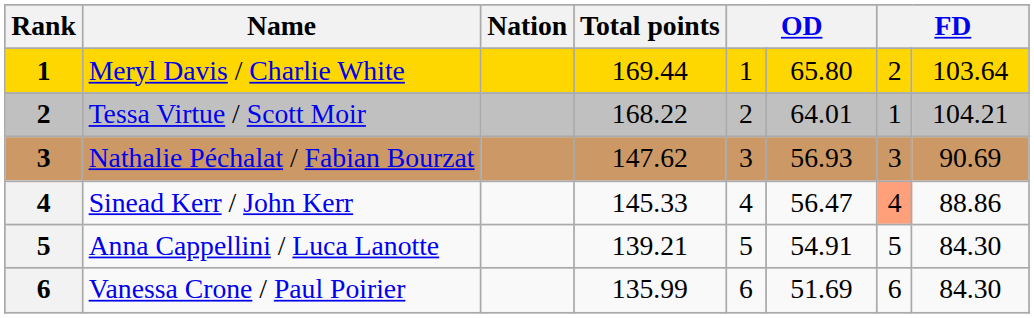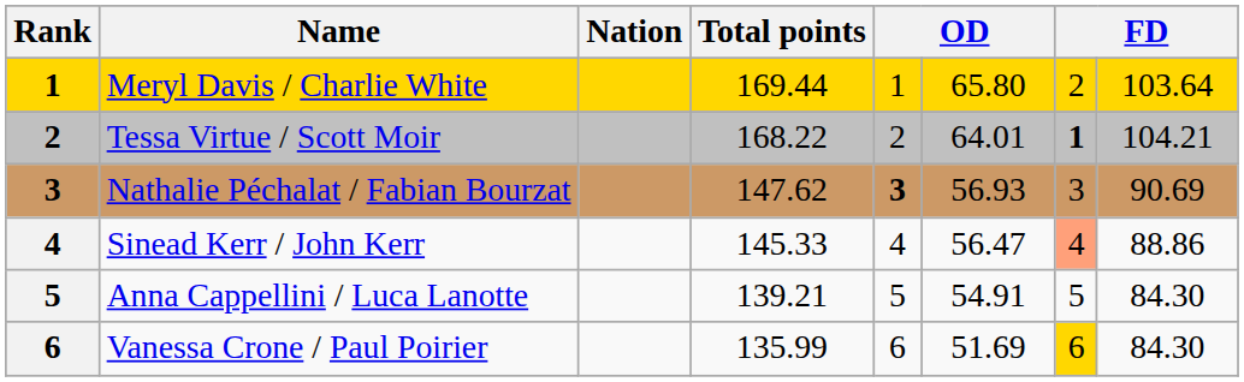 <table class="wikitable sortable">
 <tr>
 <th>Rank</th>
 <th>Name</th>
 <th>Nation</th>
 <th>Total points</th>
 <th colspan="2" width="80px"><a href='#'>OD</a></th>
 <th colspan="2" width="80px"><a href='#'>FD</a></th>
 </tr>
 <tr bgcolor="gold">
 <td align="center"><strong>1</strong></td>
 <td><a href='#'>Meryl Davis</a> / <a href='#'>Charlie White</a></td>
 <td></td>
 <td align="center">169.44</td>
 <td align="center">1</td>
 <td align="center">65.80</td>
 <td align="center">2</td>
 <td align="center">103.64</td>
 </tr>
 <tr bgcolor="silver">
 <td align="center"><strong>2</strong></td>
 <td><a href='#'>Tessa Virtue</a> / <a href='#'>Scott Moir</a></td>
 <td></td>
 <td align="center">168.22</td>
 <td align="center">2</td>
 <td align="center">64.01</td>
-<td align="center">1</td>
+<td align="center"><strong>1</strong></td>
 <td align="center">104.21</td>
 </tr>
 <tr bgcolor="cc9966">
 <td align="center"><strong>3</strong></td>
 <td><a href='#'>Nathalie Péchalat</a> / <a href='#'>Fabian Bourzat</a></td>
 <td></td>
 <td align="center">147.62</td>
-<td align="center">3</td>
+<td align="center"><strong>3</strong></td>
 <td align="center">56.93</td>
 <td align="center">3</td>
 <td align="center">90.69</td>
 </tr>
 <tr>
 <th>4</th>
 <td><a href='#'>Sinead Kerr</a> / <a href='#'>John Kerr</a></td>
 <td></td>
 <td align="center">145.33</td>
 <td align="center">4</td>
 <td align="center">56.47</td>
 <td align="center" style="background: lightsalmon;">4</td>
 <td align="center">88.86</td>
 </tr>
 <tr>
 <th>5</th>
 <td><a href='#'>Anna Cappellini</a> / <a href='#'>Luca Lanotte</a></td>
 <td></td>
 <td align="center">139.21</td>
 <td align="center">5</td>
 <td align="center">54.91</td>
 <td align="center">5</td>
 <td align="center">84.30</td>
 </tr>
 <tr>
 <th>6</th>
 <td><a href='#'>Vanessa Crone</a> / <a href='#'>Paul Poirier</a></td>
 <td></td>
 <td align="center">135.99</td>
 <td align="center">6</td>
 <td align="center">51.69</td>
-<td align="center">6</td>
+<td align="center" style="background: gold;">6</td>
 <td align="center">84.30</td>
 </tr>
 </table>
